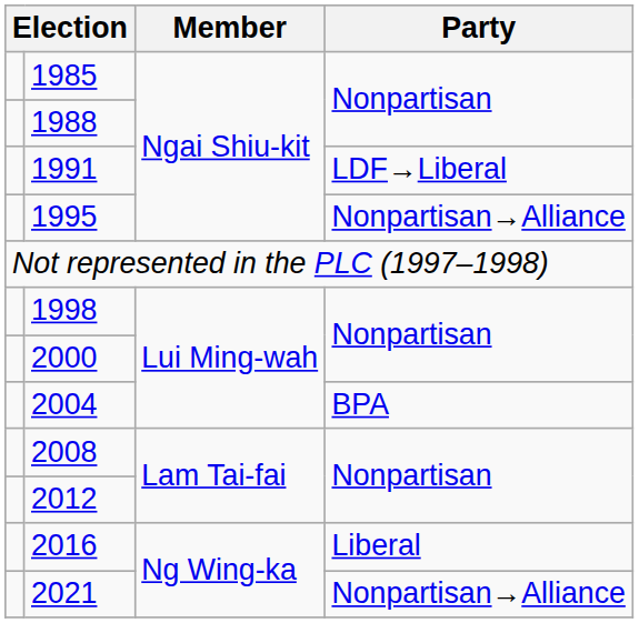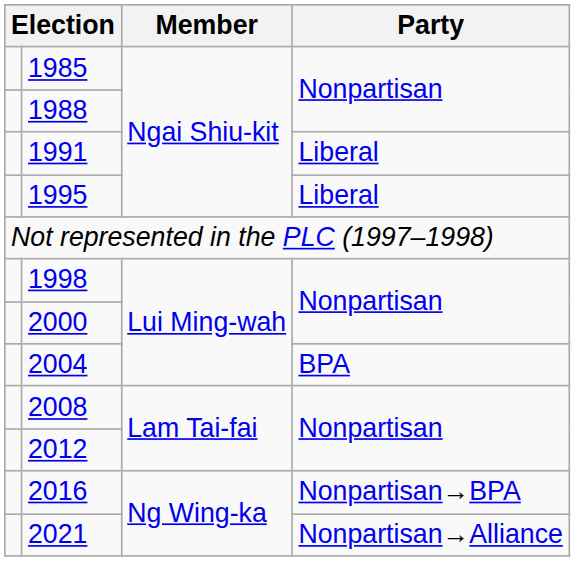 <table class="wikitable">
 <tr>
 <th colspan="2">Election</th>
 <th>Member</th>
 <th>Party</th>
 </tr>
 <tr>
 <td style="background-color: "></td>
 <td><a href='#'>1985</a></td>
 <td rowspan="4"><a href='#'>Ngai Shiu-kit</a></td>
 <td rowspan="2"><a href='#'>Nonpartisan</a></td>
 </tr>
 <tr>
 <td style="background-color: "></td>
 <td><a href='#'>1988</a></td>
 </tr>
 <tr>
 <td style="background-color: "></td>
 <td><a href='#'>1991</a></td>
-<td><a href='#'>LDF</a>→<a href='#'>Liberal</a></td>
+<td><a href='#'>Liberal</a></td>
 </tr>
 <tr>
 <td style="background-color: "></td>
 <td><a href='#'>1995</a></td>
-<td><a href='#'>Nonpartisan</a>→<a href='#'>Alliance</a></td>
+<td><a href='#'>Liberal</a></td>
 </tr>
 <tr>
 <td colspan="4"><em>Not represented in the <a href='#'>PLC</a> (1997–1998)</em></td>
 </tr>
 <tr>
 <td style="background-color: "></td>
 <td><a href='#'>1998</a></td>
 <td rowspan="3"><a href='#'>Lui Ming-wah</a></td>
 <td rowspan="2"><a href='#'>Nonpartisan</a></td>
 </tr>
 <tr>
 <td style="background-color: "></td>
 <td><a href='#'>2000</a></td>
 </tr>
 <tr>
 <td style="background-color: "></td>
 <td><a href='#'>2004</a></td>
 <td><a href='#'>BPA</a></td>
 </tr>
 <tr>
 <td style="background-color: "></td>
 <td><a href='#'>2008</a></td>
 <td rowspan="2"><a href='#'>Lam Tai-fai</a></td>
 <td rowspan="2"><a href='#'>Nonpartisan</a></td>
 </tr>
 <tr>
 <td style="background-color: "></td>
 <td><a href='#'>2012</a></td>
 </tr>
 <tr>
 <td style="background-color: "></td>
 <td><a href='#'>2016</a></td>
 <td rowspan="2"><a href='#'>Ng Wing-ka</a></td>
-<td><a href='#'>Liberal</a></td>
+<td><a href='#'>Nonpartisan</a>→<a href='#'>BPA</a></td>
 </tr>
 <tr>
 <td style="background-color: "></td>
 <td><a href='#'>2021</a></td>
 <td><a href='#'>Nonpartisan</a>→<a href='#'>Alliance</a></td>
 </tr>
 </table>
